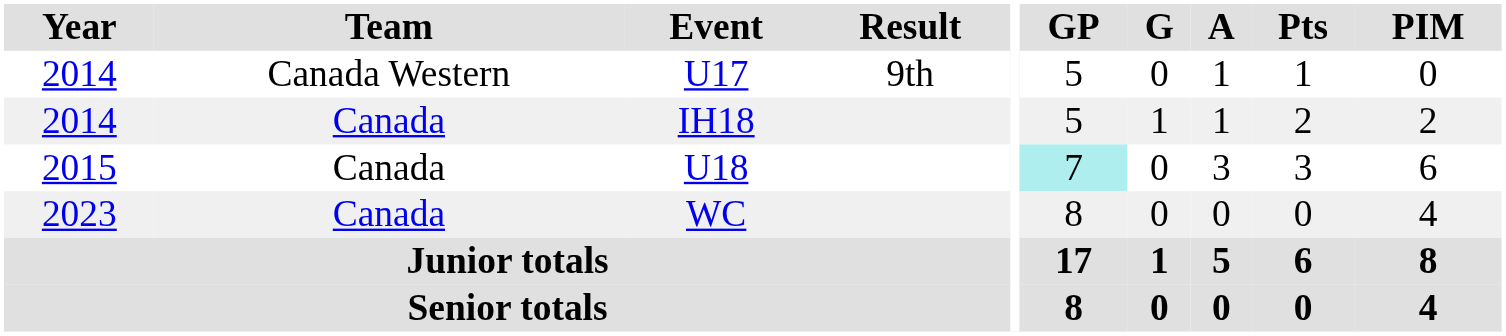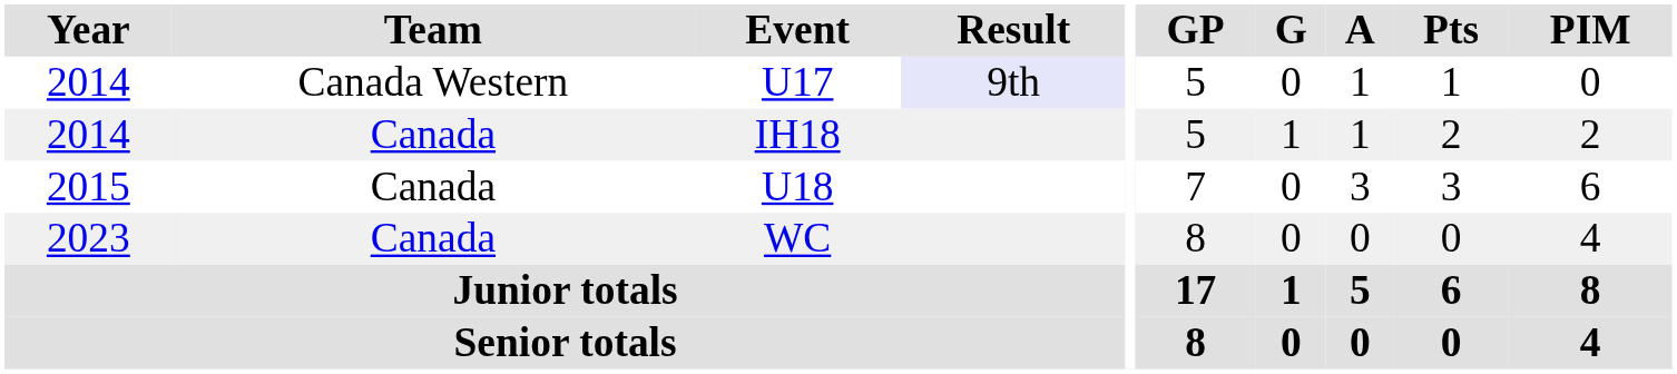 <table border="0" cellpadding="1" cellspacing="0" ID="Table3" style="text-align:center; width:40em">
 <tr ALIGN="center" bgcolor="#e0e0e0">
 <th>Year</th>
 <th>Team</th>
 <th>Event</th>
 <th>Result</th>
 <th rowspan="99" bgcolor="#ffffff"></th>
 <th>GP</th>
 <th>G</th>
 <th>A</th>
 <th>Pts</th>
 <th>PIM</th>
 </tr>
 <tr>
 <td><a href='#'>2014</a></td>
 <td>Canada Western</td>
 <td><a href='#'>U17</a></td>
-<td>9th</td>
+<td style="background: lavender;">9th</td>
 <td>5</td>
 <td>0</td>
 <td>1</td>
 <td>1</td>
 <td>0</td>
 </tr>
 <tr bgcolor="#f0f0f0">
 <td><a href='#'>2014</a></td>
 <td><a href='#'>Canada</a></td>
 <td><a href='#'>IH18</a></td>
 <td></td>
 <td>5</td>
 <td>1</td>
 <td>1</td>
 <td>2</td>
 <td>2</td>
 </tr>
 <tr>
 <td><a href='#'>2015</a></td>
 <td>Canada</td>
 <td><a href='#'>U18</a></td>
 <td></td>
-<td style="background: paleturquoise;">7</td>
+<td>7</td>
 <td>0</td>
 <td>3</td>
 <td>3</td>
 <td>6</td>
 </tr>
 <tr bgcolor="#f0f0f0">
 <td><a href='#'>2023</a></td>
 <td><a href='#'>Canada</a></td>
 <td><a href='#'>WC</a></td>
 <td></td>
 <td>8</td>
 <td>0</td>
 <td>0</td>
 <td>0</td>
 <td>4</td>
 </tr>
 <tr bgcolor="#e0e0e0">
 <th colspan="4">Junior totals</th>
 <th>17</th>
 <th>1</th>
 <th>5</th>
 <th>6</th>
 <th>8</th>
 </tr>
 <tr bgcolor="#e0e0e0">
 <th colspan="4">Senior totals</th>
 <th>8</th>
 <th>0</th>
 <th>0</th>
 <th>0</th>
 <th>4</th>
 </tr>
 </table>
